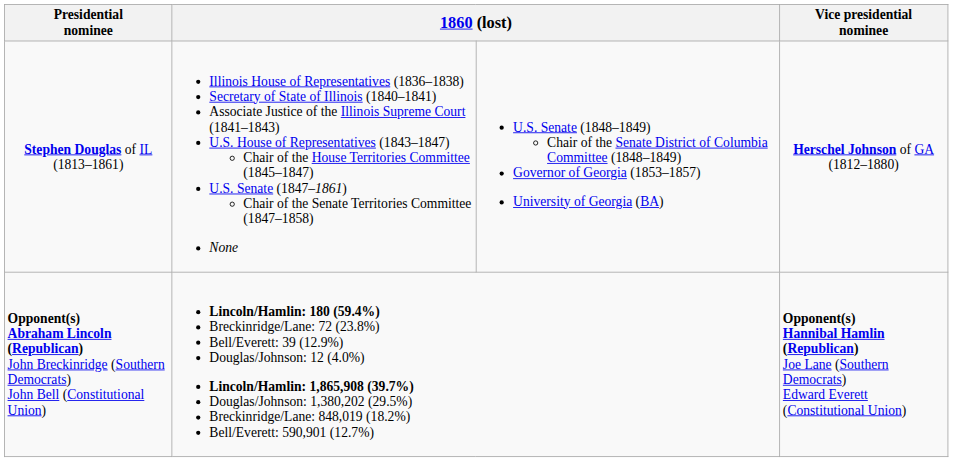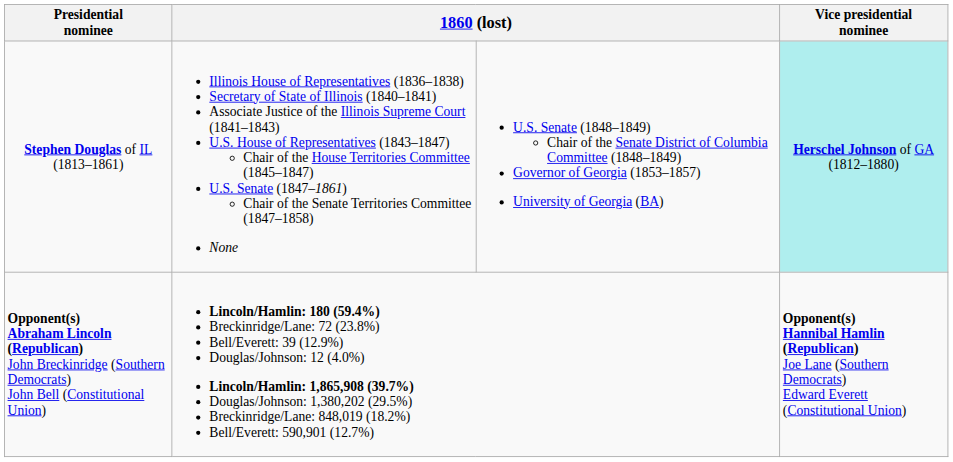 <table class="wikitable">
 <tr>
 <th width=190>Presidential<br>nominee</th>
 <th colspan=2><big><a href='#'>1860</a> (lost)</big></th>
 <th width=190>Vice presidential<br>nominee</th>
 </tr>
 <tr>
 <td style="text-align:center;"><strong><a href='#'>Stephen Douglas</a></strong> of <a href='#'>IL</a><br>(1813–1861)<br></td>
 <td width=350><br><ul><li><a href='#'>Illinois House of Representatives</a> (1836–1838)</li><li><a href='#'>Secretary of State of Illinois</a> (1840–1841)</li><li>Associate Justice of the <a href='#'>Illinois Supreme Court</a> (1841–1843)</li><li><a href='#'>U.S. House of Representatives</a> (1843–1847)<ul><li>Chair of the <a href='#'>House Territories Committee</a> (1845–1847)</li></ul></li><li><a href='#'>U.S. Senate</a> (1847–<em>1861</em>)<ul><li>Chair of the Senate Territories Committee (1847–1858)</li></ul></li></ul><ul><li><em>None</em></li></ul></td>
 <td width=350><br><ul><li><a href='#'>U.S. Senate</a> (1848–1849)<ul><li>Chair of the <a href='#'>Senate District of Columbia Committee</a> (1848–1849)</li></ul></li><li><a href='#'>Governor of Georgia</a> (1853–1857)</li></ul><ul><li><a href='#'>University of Georgia</a> (<a href='#'>BA</a>)</li></ul></td>
-<td style="text-align:center;"><strong><a href='#'>Herschel Johnson</a></strong> of <a href='#'>GA</a><br>(1812–1880)<br></td>
+<td style="background: paleturquoise; text-align:center;"><strong><a href='#'>Herschel Johnson</a></strong> of <a href='#'>GA</a><br>(1812–1880)<br></td>
 </tr>
 <tr>
 <td><strong>Opponent(s)</strong><br><strong><a href='#'>Abraham Lincoln</a> (<a href='#'>Republican</a>)</strong><br><a href='#'>John Breckinridge</a> (<a href='#'>Southern Democrats</a>)<br><a href='#'>John Bell</a> (<a href='#'>Constitutional Union</a>)</td>
 <td colspan=2><br><ul><li><strong>Lincoln/Hamlin: 180 (59.4%)</strong></li><li>Breckinridge/Lane: 72 (23.8%)</li><li>Bell/Everett: 39 (12.9%)</li><li>Douglas/Johnson: 12 (4.0%)</li></ul><ul><li><strong>Lincoln/Hamlin: 1,865,908 (39.7%)</strong></li><li>Douglas/Johnson: 1,380,202 (29.5%)</li><li>Breckinridge/Lane: 848,019 (18.2%)</li><li>Bell/Everett: 590,901 (12.7%)</li></ul></td>
 <td><strong>Opponent(s)</strong><br><strong><a href='#'>Hannibal Hamlin</a> (<a href='#'>Republican</a>)</strong><br><a href='#'>Joe Lane</a> (<a href='#'>Southern Democrats</a>)<br><a href='#'>Edward Everett</a> (<a href='#'>Constitutional Union</a>)</td>
 </tr>
 </table>
